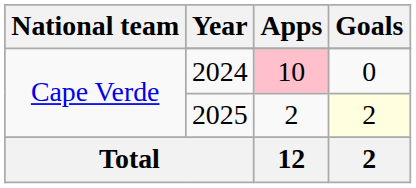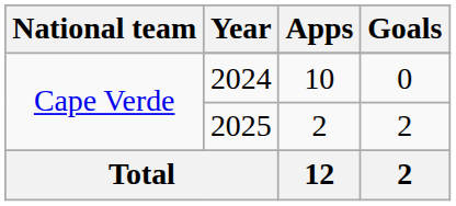 <table class="wikitable" style="text-align: center;">
 <tr>
 <th>National team</th>
 <th>Year</th>
 <th>Apps</th>
 <th>Goals</th>
 </tr>
 <tr>
 <td rowspan="3"><a href='#'>Cape Verde</a></td>
 </tr>
 <tr>
 <td>2024</td>
-<td style="background: pink;">10</td>
+<td>10</td>
 <td>0</td>
 </tr>
 <tr>
 <td>2025</td>
 <td>2</td>
-<td style="background: lightyellow;">2</td>
+<td>2</td>
 </tr>
 <tr>
 <th colspan=2>Total</th>
 <th>12</th>
 <th>2</th>
 </tr>
 </table>
